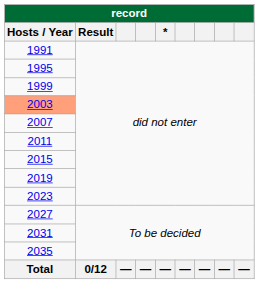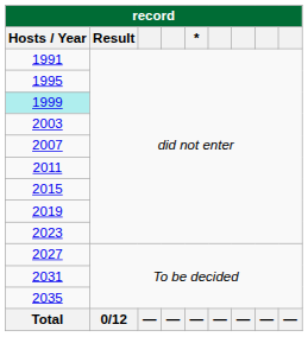 <table class="wikitable mw-collapsible" style="text-align: center;font-size:100%;">
 <tr>
 <th colspan="9" style="background: #006C35; color: white;"><a href='#'></a> record</th>
 </tr>
 <tr>
 <th>Hosts / Year</th>
 <th>Result</th>
 <th width="20"></th>
 <th width="20"></th>
 <th width="20">*</th>
 <th width="20"></th>
 <th width="20"></th>
 <th width="20"></th>
 <th width="20"></th>
 </tr>
 <tr>
 <td> <a href='#'>1991</a></td>
 <td colspan="8" rowspan="9"><em>did not enter</em></td>
 </tr>
 <tr>
 <td> <a href='#'>1995</a></td>
 </tr>
 <tr>
-<td> <a href='#'>1999</a></td>
+<td style="background: paleturquoise;"> <a href='#'>1999</a></td>
 </tr>
 <tr>
-<td style="background: lightsalmon;"> <a href='#'>2003</a></td>
+<td> <a href='#'>2003</a></td>
 </tr>
 <tr>
 <td> <a href='#'>2007</a></td>
 </tr>
 <tr>
 <td> <a href='#'>2011</a></td>
 </tr>
 <tr>
 <td> <a href='#'>2015</a></td>
 </tr>
 <tr>
 <td> <a href='#'>2019</a></td>
 </tr>
 <tr>
 <td> <a href='#'>2023</a></td>
 </tr>
 <tr>
 <td> <a href='#'>2027</a></td>
 <td colspan="8" rowspan="3"><em>To be decided</em></td>
 </tr>
 <tr>
 <td> <a href='#'>2031</a></td>
 </tr>
 <tr>
 <td> <a href='#'>2035</a></td>
 </tr>
 <tr>
 <th>Total</th>
 <th>0/12</th>
 <th>—</th>
 <th>—</th>
 <th>—</th>
 <th>—</th>
 <th>—</th>
 <th>—</th>
 <th>—</th>
 </tr>
 </table>
